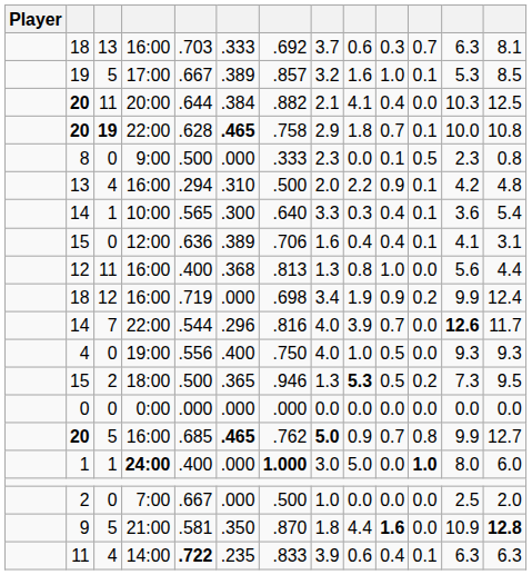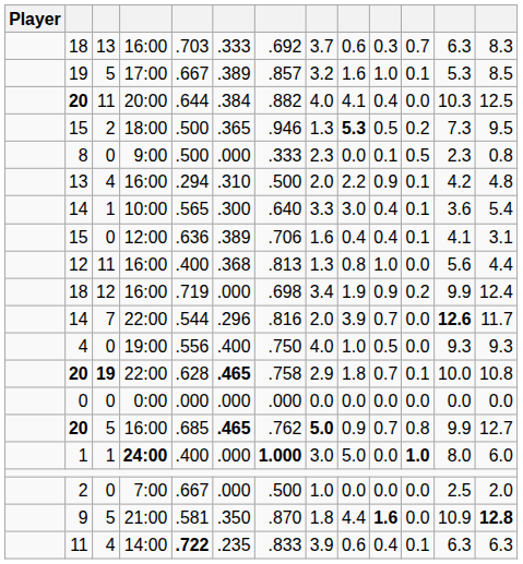 <table class="wikitable sortable" style="font-size:95%; text-align:right;">
 <tr>
 <th>Player</th>
 <th></th>
 <th></th>
 <th></th>
 <th></th>
 <th></th>
 <th></th>
 <th></th>
 <th></th>
 <th></th>
 <th></th>
 <th></th>
 <th></th>
 </tr>
 <tr>
 <td><strong></strong></td>
 <td>18</td>
 <td>13</td>
 <td>16:00</td>
 <td>.703</td>
 <td>.333</td>
 <td>.692</td>
 <td>3.7</td>
 <td>0.6</td>
 <td>0.3</td>
 <td>0.7</td>
 <td>6.3</td>
-<td>8.1</td>
+<td>8.3</td>
 </tr>
 <tr>
 <td><strong></strong></td>
 <td>19</td>
 <td>5</td>
 <td>17:00</td>
 <td>.667</td>
 <td>.389</td>
 <td>.857</td>
 <td>3.2</td>
 <td>1.6</td>
 <td>1.0</td>
 <td>0.1</td>
 <td>5.3</td>
 <td>8.5</td>
 </tr>
 <tr>
 <td><strong></strong></td>
 <td><strong>20</strong></td>
 <td>11</td>
 <td>20:00</td>
 <td>.644</td>
 <td>.384</td>
 <td>.882</td>
-<td>2.1</td>
+<td>4.0</td>
 <td>4.1</td>
 <td>0.4</td>
 <td>0.0</td>
 <td>10.3</td>
 <td>12.5</td>
 </tr>
 <tr>
 <td><strong></strong></td>
-<td><strong>20</strong></td>
-<td><strong>19</strong></td>
-<td>22:00</td>
-<td>.628</td>
-<td><strong>.465</strong></td>
-<td>.758</td>
-<td>2.9</td>
-<td>1.8</td>
-<td>0.7</td>
-<td>0.1</td>
-<td>10.0</td>
-<td>10.8</td>
+<td>15</td>
+<td>2</td>
+<td>18:00</td>
+<td>.500</td>
+<td>.365</td>
+<td>.946</td>
+<td>1.3</td>
+<td><strong>5.3</strong></td>
+<td>0.5</td>
+<td>0.2</td>
+<td>7.3</td>
+<td>9.5</td>
 </tr>
 <tr>
 <td><strong></strong></td>
 <td>8</td>
 <td>0</td>
 <td>9:00</td>
 <td>.500</td>
 <td>.000</td>
 <td>.333</td>
 <td>2.3</td>
 <td>0.0</td>
 <td>0.1</td>
 <td>0.5</td>
 <td>2.3</td>
 <td>0.8</td>
 </tr>
 <tr>
 <td><strong></strong></td>
 <td>13</td>
 <td>4</td>
 <td>16:00</td>
 <td>.294</td>
 <td>.310</td>
 <td>.500</td>
 <td>2.0</td>
 <td>2.2</td>
 <td>0.9</td>
 <td>0.1</td>
 <td>4.2</td>
 <td>4.8</td>
 </tr>
 <tr>
 <td><strong></strong></td>
 <td>14</td>
 <td>1</td>
 <td>10:00</td>
 <td>.565</td>
 <td>.300</td>
 <td>.640</td>
 <td>3.3</td>
-<td>0.3</td>
+<td>3.0</td>
 <td>0.4</td>
 <td>0.1</td>
 <td>3.6</td>
 <td>5.4</td>
 </tr>
 <tr>
 <td><strong></strong></td>
 <td>15</td>
 <td>0</td>
 <td>12:00</td>
 <td>.636</td>
 <td>.389</td>
 <td>.706</td>
 <td>1.6</td>
 <td>0.4</td>
 <td>0.4</td>
 <td>0.1</td>
 <td>4.1</td>
 <td>3.1</td>
 </tr>
 <tr>
 <td><strong></strong></td>
 <td>12</td>
 <td>11</td>
 <td>16:00</td>
 <td>.400</td>
 <td>.368</td>
 <td>.813</td>
 <td>1.3</td>
 <td>0.8</td>
 <td>1.0</td>
 <td>0.0</td>
 <td>5.6</td>
 <td>4.4</td>
 </tr>
 <tr>
 <td><strong></strong></td>
 <td>18</td>
 <td>12</td>
 <td>16:00</td>
 <td>.719</td>
 <td>.000</td>
 <td>.698</td>
 <td>3.4</td>
 <td>1.9</td>
 <td>0.9</td>
 <td>0.2</td>
 <td>9.9</td>
 <td>12.4</td>
 </tr>
 <tr>
 <td><strong></strong></td>
 <td>14</td>
 <td>7</td>
 <td>22:00</td>
 <td>.544</td>
 <td>.296</td>
 <td>.816</td>
-<td>4.0</td>
+<td>2.0</td>
 <td>3.9</td>
 <td>0.7</td>
 <td>0.0</td>
 <td><strong>12.6</strong></td>
 <td>11.7</td>
 </tr>
 <tr>
 <td><strong></strong></td>
 <td>4</td>
 <td>0</td>
 <td>19:00</td>
 <td>.556</td>
 <td>.400</td>
 <td>.750</td>
 <td>4.0</td>
 <td>1.0</td>
 <td>0.5</td>
 <td>0.0</td>
 <td>9.3</td>
 <td>9.3</td>
 </tr>
 <tr>
 <td><strong></strong></td>
-<td>15</td>
-<td>2</td>
-<td>18:00</td>
-<td>.500</td>
-<td>.365</td>
-<td>.946</td>
-<td>1.3</td>
-<td><strong>5.3</strong></td>
-<td>0.5</td>
-<td>0.2</td>
-<td>7.3</td>
-<td>9.5</td>
+<td><strong>20</strong></td>
+<td><strong>19</strong></td>
+<td>22:00</td>
+<td>.628</td>
+<td><strong>.465</strong></td>
+<td>.758</td>
+<td>2.9</td>
+<td>1.8</td>
+<td>0.7</td>
+<td>0.1</td>
+<td>10.0</td>
+<td>10.8</td>
 </tr>
 <tr>
 <td><strong></strong></td>
 <td>0</td>
 <td>0</td>
 <td>0:00</td>
 <td>.000</td>
 <td>.000</td>
 <td>.000</td>
 <td>0.0</td>
 <td>0.0</td>
 <td>0.0</td>
 <td>0.0</td>
 <td>0.0</td>
 <td>0.0</td>
 </tr>
 <tr>
 <td><strong></strong></td>
 <td><strong>20</strong></td>
 <td>5</td>
 <td>16:00</td>
 <td>.685</td>
 <td><strong>.465</strong></td>
 <td>.762</td>
 <td><strong>5.0</strong></td>
 <td>0.9</td>
 <td>0.7</td>
 <td>0.8</td>
 <td>9.9</td>
 <td>12.7</td>
 </tr>
 <tr>
 <td><strong></strong></td>
 <td>1</td>
 <td>1</td>
 <td><strong>24:00</strong></td>
 <td>.400</td>
 <td>.000</td>
 <td><strong>1.000</strong></td>
 <td>3.0</td>
 <td>5.0</td>
 <td>0.0</td>
 <td><strong>1.0</strong></td>
 <td>8.0</td>
 <td>6.0</td>
 </tr>
 <tr class="sortbottom">
 <td colspan=13></td>
 </tr>
 <tr>
 <td><em></em></td>
 <td>2</td>
 <td>0</td>
 <td>7:00</td>
 <td>.667</td>
 <td>.000</td>
 <td>.500</td>
 <td>1.0</td>
 <td>0.0</td>
 <td>0.0</td>
 <td>0.0</td>
 <td>2.5</td>
 <td>2.0</td>
 </tr>
 <tr>
 <td><em></em></td>
 <td>9</td>
 <td>5</td>
 <td>21:00</td>
 <td>.581</td>
 <td>.350</td>
 <td>.870</td>
 <td>1.8</td>
 <td>4.4</td>
 <td><strong>1.6</strong></td>
 <td>0.0</td>
 <td>10.9</td>
 <td><strong>12.8</strong></td>
 </tr>
 <tr>
 <td><em></em></td>
 <td>11</td>
 <td>4</td>
 <td>14:00</td>
 <td><strong>.722</strong></td>
 <td>.235</td>
 <td>.833</td>
 <td>3.9</td>
 <td>0.6</td>
 <td>0.4</td>
 <td>0.1</td>
 <td>6.3</td>
 <td>6.3</td>
 </tr>
 </table>
